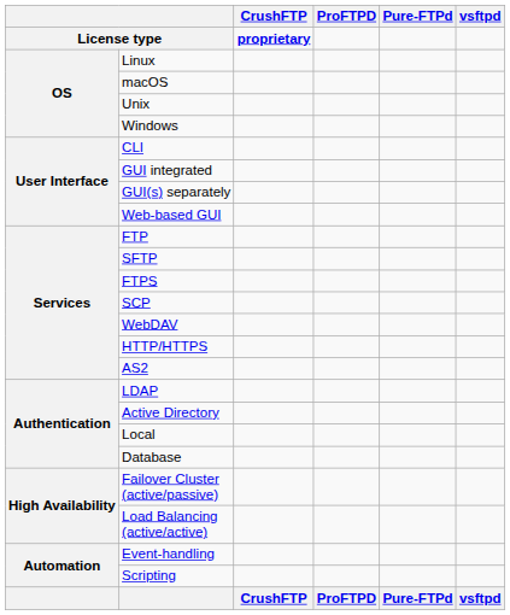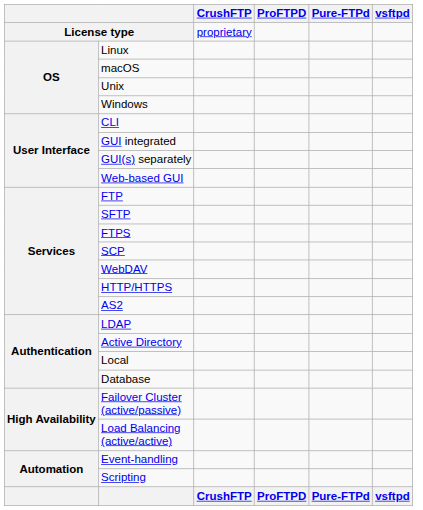 <table class="wikitable">
 <tr>
 <th scope="col" colspan="2"></th>
 <th scope="col"><a href='#'>CrushFTP</a></th>
 <th scope="col"><a href='#'>ProFTPD</a></th>
 <th scope="col"><a href='#'>Pure-FTPd</a></th>
 <th scope="col"><a href='#'>vsftpd</a></th>
 </tr>
 <tr>
 <th scope="row" colspan="2">License type</th>
-<td><strong><a href='#'>proprietary</a></strong></td>
+<td><a href='#'>proprietary</a></td>
 <td></td>
 <td></td>
 <td></td>
 </tr>
 <tr>
 <th scope="row" rowspan="4">OS</th>
 <td>Linux</td>
 <td></td>
 <td></td>
 <td></td>
 <td></td>
 </tr>
 <tr>
 <td>macOS</td>
 <td></td>
 <td></td>
 <td></td>
 <td></td>
 </tr>
 <tr>
 <td>Unix</td>
 <td></td>
 <td></td>
 <td></td>
 <td></td>
 </tr>
 <tr>
 <td>Windows</td>
 <td></td>
 <td></td>
 <td></td>
 <td></td>
 </tr>
 <tr>
 <th scope="row" rowspan="4">User Interface</th>
 <td><a href='#'>CLI</a></td>
 <td></td>
 <td></td>
 <td></td>
 <td></td>
 </tr>
 <tr>
 <td><a href='#'>GUI</a> integrated</td>
 <td></td>
 <td></td>
 <td></td>
 <td></td>
 </tr>
 <tr>
 <td><a href='#'>GUI(s)</a> separately</td>
 <td></td>
 <td></td>
 <td></td>
 <td></td>
 </tr>
 <tr>
 <td><a href='#'>Web-based GUI</a></td>
 <td></td>
 <td></td>
 <td></td>
 <td></td>
 </tr>
 <tr>
 <th scope="row" rowspan="7">Services</th>
 <td><a href='#'>FTP</a></td>
 <td></td>
 <td></td>
 <td></td>
 <td></td>
 </tr>
 <tr>
 <td><a href='#'>SFTP</a></td>
 <td></td>
 <td></td>
 <td></td>
 <td></td>
 </tr>
 <tr>
 <td><a href='#'>FTPS</a></td>
 <td></td>
 <td></td>
 <td></td>
 <td></td>
 </tr>
 <tr>
 <td><a href='#'>SCP</a></td>
 <td></td>
 <td></td>
 <td></td>
 <td></td>
 </tr>
 <tr>
 <td><a href='#'>WebDAV</a></td>
 <td></td>
 <td></td>
 <td></td>
 <td></td>
 </tr>
 <tr>
 <td><a href='#'>HTTP/HTTPS</a></td>
 <td></td>
 <td></td>
 <td></td>
 <td></td>
 </tr>
 <tr>
 <td><a href='#'>AS2</a></td>
 <td></td>
 <td></td>
 <td></td>
 <td></td>
 </tr>
 <tr>
 <th scope="row" rowspan="4">Authentication</th>
 <td><a href='#'>LDAP</a></td>
 <td></td>
 <td></td>
 <td></td>
 <td></td>
 </tr>
 <tr>
 <td><a href='#'>Active Directory</a></td>
 <td></td>
 <td></td>
 <td></td>
 <td></td>
 </tr>
 <tr>
 <td>Local</td>
 <td></td>
 <td></td>
 <td></td>
 <td></td>
 </tr>
 <tr>
 <td>Database</td>
 <td></td>
 <td></td>
 <td></td>
 <td></td>
 </tr>
 <tr>
 <th scope="row" rowspan="2">High Availability</th>
 <td><a href='#'>Failover Cluster<br>(active/passive)</a></td>
 <td></td>
 <td></td>
 <td></td>
 <td></td>
 </tr>
 <tr>
 <td><a href='#'>Load Balancing<br>(active/active)</a></td>
 <td></td>
 <td></td>
 <td></td>
 <td></td>
 </tr>
 <tr>
 <th scope="row" rowspan="2">Automation</th>
 <td><a href='#'>Event-handling</a></td>
 <td></td>
 <td></td>
 <td></td>
 <td></td>
 </tr>
 <tr>
 <td><a href='#'>Scripting</a></td>
 <td></td>
 <td></td>
 <td></td>
 <td></td>
 </tr>
 <tr>
 <th></th>
 <th></th>
 <th><a href='#'>CrushFTP</a></th>
 <th><a href='#'>ProFTPD</a></th>
 <th><a href='#'>Pure-FTPd</a></th>
 <th><a href='#'>vsftpd</a></th>
 </tr>
 </table>
